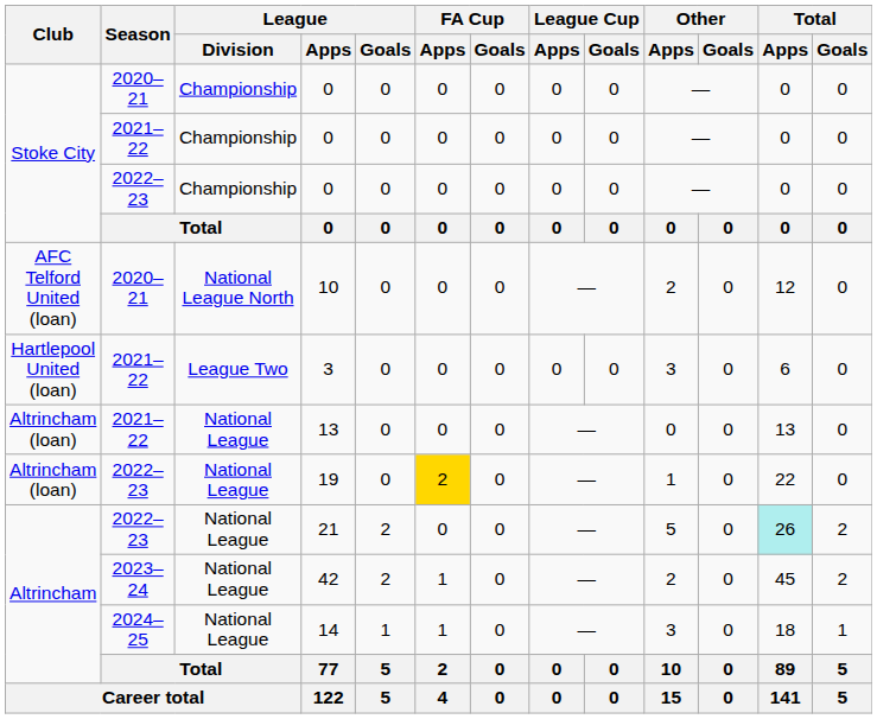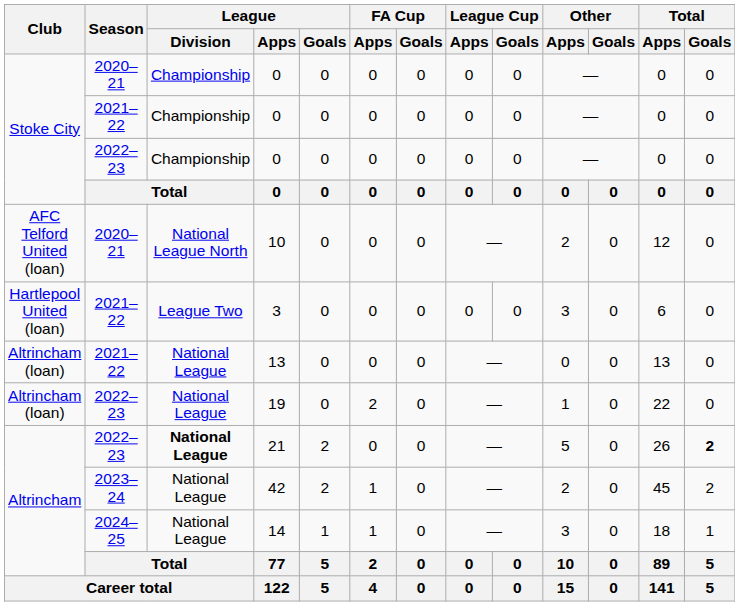 <table class="wikitable" style="text-align: center;">
 <tr>
 <th rowspan="2">Club</th>
 <th rowspan="2">Season</th>
 <th colspan="3">League</th>
 <th colspan="2">FA Cup</th>
 <th colspan="2">League Cup</th>
 <th colspan="2">Other</th>
 <th colspan="2">Total</th>
 </tr>
 <tr>
 <th>Division</th>
 <th>Apps</th>
 <th>Goals</th>
 <th>Apps</th>
 <th>Goals</th>
 <th>Apps</th>
 <th>Goals</th>
 <th>Apps</th>
 <th>Goals</th>
 <th>Apps</th>
 <th>Goals</th>
 </tr>
 <tr>
 <td rowspan=4><a href='#'>Stoke City</a></td>
 <td><a href='#'>2020–21</a></td>
 <td><a href='#'>Championship</a></td>
 <td>0</td>
 <td>0</td>
 <td>0</td>
 <td>0</td>
 <td>0</td>
 <td>0</td>
 <td colspan=2>—</td>
 <td>0</td>
 <td>0</td>
 </tr>
 <tr>
 <td><a href='#'>2021–22</a></td>
 <td>Championship</td>
 <td>0</td>
 <td>0</td>
 <td>0</td>
 <td>0</td>
 <td>0</td>
 <td>0</td>
 <td colspan=2>—</td>
 <td>0</td>
 <td>0</td>
 </tr>
 <tr>
 <td><a href='#'>2022–23</a></td>
 <td>Championship</td>
 <td>0</td>
 <td>0</td>
 <td>0</td>
 <td>0</td>
 <td>0</td>
 <td>0</td>
 <td colspan=2>—</td>
 <td>0</td>
 <td>0</td>
 </tr>
 <tr>
 <th colspan=2>Total</th>
 <th>0</th>
 <th>0</th>
 <th>0</th>
 <th>0</th>
 <th>0</th>
 <th>0</th>
 <th>0</th>
 <th>0</th>
 <th>0</th>
 <th>0</th>
 </tr>
 <tr>
 <td><a href='#'>AFC Telford United</a> (loan)</td>
 <td><a href='#'>2020–21</a></td>
 <td><a href='#'>National League North</a></td>
 <td>10</td>
 <td>0</td>
 <td>0</td>
 <td>0</td>
 <td colspan=2>—</td>
 <td>2</td>
 <td>0</td>
 <td>12</td>
 <td>0</td>
 </tr>
 <tr>
 <td><a href='#'>Hartlepool United</a> (loan)</td>
 <td><a href='#'>2021–22</a></td>
 <td><a href='#'>League Two</a></td>
 <td>3</td>
 <td>0</td>
 <td>0</td>
 <td>0</td>
 <td>0</td>
 <td>0</td>
 <td>3</td>
 <td>0</td>
 <td>6</td>
 <td>0</td>
 </tr>
 <tr>
 <td><a href='#'>Altrincham</a> (loan)</td>
 <td><a href='#'>2021–22</a></td>
 <td><a href='#'>National League</a></td>
 <td>13</td>
 <td>0</td>
 <td>0</td>
 <td>0</td>
 <td colspan=2>—</td>
 <td>0</td>
 <td>0</td>
 <td>13</td>
 <td>0</td>
 </tr>
 <tr>
 <td><a href='#'>Altrincham</a> (loan)</td>
 <td><a href='#'>2022–23</a></td>
 <td><a href='#'>National League</a></td>
 <td>19</td>
 <td>0</td>
-<td style="background: gold;">2</td>
+<td>2</td>
 <td>0</td>
 <td colspan=2>—</td>
 <td>1</td>
 <td>0</td>
 <td>22</td>
 <td>0</td>
 </tr>
 <tr>
 <td rowspan=4><a href='#'>Altrincham</a></td>
 <td><a href='#'>2022–23</a></td>
-<td>National League</td>
+<td><strong>National League</strong></td>
 <td>21</td>
 <td>2</td>
 <td>0</td>
 <td>0</td>
 <td colspan=2>—</td>
 <td>5</td>
 <td>0</td>
-<td style="background: paleturquoise;">26</td>
-<td>2</td>
+<td>26</td>
+<td><strong>2</strong></td>
 </tr>
 <tr>
 <td><a href='#'>2023–24</a></td>
 <td>National League</td>
 <td>42</td>
 <td>2</td>
 <td>1</td>
 <td>0</td>
 <td colspan=2>—</td>
 <td>2</td>
 <td>0</td>
 <td>45</td>
 <td>2</td>
 </tr>
 <tr>
 <td><a href='#'>2024–25</a></td>
 <td>National League</td>
 <td>14</td>
 <td>1</td>
 <td>1</td>
 <td>0</td>
 <td colspan=2>—</td>
 <td>3</td>
 <td>0</td>
 <td>18</td>
 <td>1</td>
 </tr>
 <tr>
 <th colspan=2>Total</th>
 <th>77</th>
 <th>5</th>
 <th>2</th>
 <th>0</th>
 <th>0</th>
 <th>0</th>
 <th>10</th>
 <th>0</th>
 <th>89</th>
 <th>5</th>
 </tr>
 <tr>
 <th colspan="3">Career total</th>
 <th>122</th>
 <th>5</th>
 <th>4</th>
 <th>0</th>
 <th>0</th>
 <th>0</th>
 <th>15</th>
 <th>0</th>
 <th>141</th>
 <th>5</th>
 </tr>
 </table>
